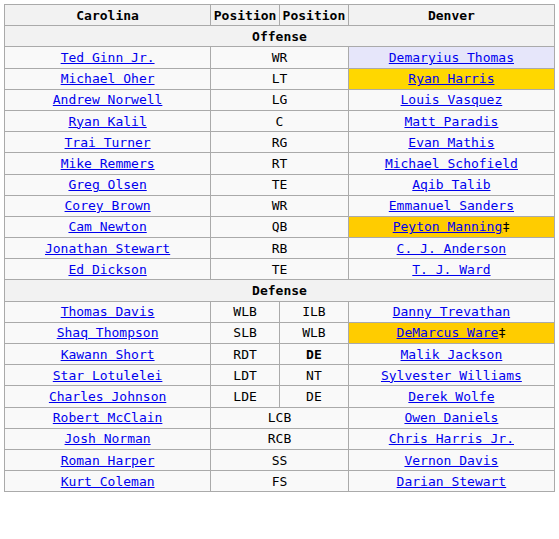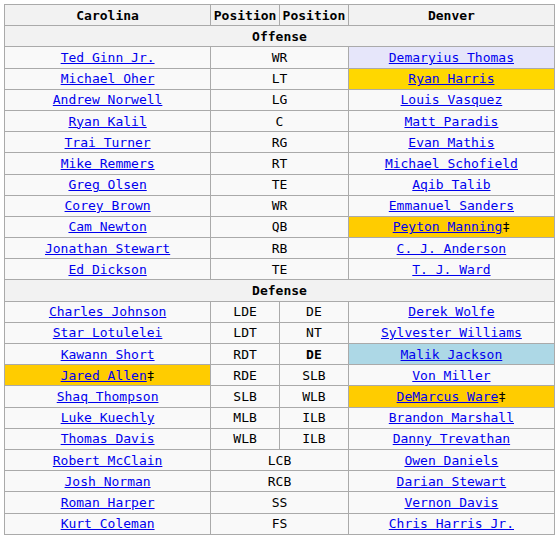 <table class="wikitable" style="text-align:center">
 <tr>
 <th style="width:200px">Carolina</th>
 <th>Position</th>
 <th>Position</th>
 <th style="width:200px">Denver</th>
 </tr>
 <tr>
 <th colspan="4" style="text-align:center;">Offense</th>
 </tr>
 <tr>
 <td><a href='#'>Ted Ginn Jr.</a></td>
 <td colspan="2" style="text-align:center;">WR</td>
 <td style="background: lavender;"><a href='#'>Demaryius Thomas</a></td>
 </tr>
 <tr>
 <td><a href='#'>Michael Oher</a></td>
 <td colspan="2" style="text-align:center;">LT</td>
 <td style="background: gold;"><a href='#'>Ryan Harris</a></td>
 </tr>
 <tr>
 <td><a href='#'>Andrew Norwell</a></td>
 <td colspan="2" style="text-align:center;">LG</td>
 <td><a href='#'>Louis Vasquez</a></td>
 </tr>
 <tr>
 <td><a href='#'>Ryan Kalil</a></td>
 <td colspan="2" style="text-align:center;">C</td>
 <td><a href='#'>Matt Paradis</a></td>
 </tr>
 <tr>
 <td><a href='#'>Trai Turner</a></td>
 <td colspan="2" style="text-align:center;">RG</td>
 <td><a href='#'>Evan Mathis</a></td>
 </tr>
 <tr>
 <td><a href='#'>Mike Remmers</a></td>
 <td colspan="2" style="text-align:center;">RT</td>
 <td><a href='#'>Michael Schofield</a></td>
 </tr>
 <tr>
 <td><a href='#'>Greg Olsen</a></td>
 <td colspan="2" style="text-align:center;">TE</td>
 <td><a href='#'>Aqib Talib</a></td>
 </tr>
 <tr>
 <td><a href='#'>Corey Brown</a></td>
 <td colspan="2" style="text-align:center;">WR</td>
 <td><a href='#'>Emmanuel Sanders</a></td>
 </tr>
 <tr>
 <td><a href='#'>Cam Newton</a></td>
 <td colspan="2" style="text-align:center;">QB</td>
 <td bgcolor="#FFCC00"><a href='#'>Peyton Manning</a>‡</td>
 </tr>
 <tr>
 <td><a href='#'>Jonathan Stewart</a></td>
 <td colspan="2" style="text-align:center;">RB</td>
 <td><a href='#'>C. J. Anderson</a></td>
 </tr>
 <tr>
 <td><a href='#'>Ed Dickson</a></td>
 <td colspan="2" style="text-align:center;">TE</td>
 <td><a href='#'>T. J. Ward</a></td>
 </tr>
 <tr>
 <th colspan="4" style="text-align:center;">Defense</th>
 </tr>
 <tr>
-<td><a href='#'>Thomas Davis</a></td>
-<td style="text-align:center;">WLB</td>
-<td style="text-align:center;">ILB</td>
-<td><a href='#'>Danny Trevathan</a></td>
+<td><a href='#'>Charles Johnson</a></td>
+<td style="text-align:center;">LDE</td>
+<td style="text-align:center;">DE</td>
+<td><a href='#'>Derek Wolfe</a></td>
+</tr>
+<tr>
+<td><a href='#'>Star Lotulelei</a></td>
+<td style="text-align:center;">LDT</td>
+<td style="text-align:center;">NT</td>
+<td><a href='#'>Sylvester Williams</a></td>
+</tr>
+<tr>
+<td><a href='#'>Kawann Short</a></td>
+<td style="text-align:center;">RDT</td>
+<td style="text-align:center;"><strong>DE</strong></td>
+<td style="background: lightblue;"><a href='#'>Malik Jackson</a></td>
+</tr>
+<tr>
+<td bgcolor="#FFCC00"><a href='#'>Jared Allen</a>‡</td>
+<td style="text-align:center;">RDE</td>
+<td style="text-align:center;">SLB</td>
+<td><a href='#'>Von Miller</a></td>
 </tr>
 <tr>
 <td><a href='#'>Shaq Thompson</a></td>
 <td style="text-align:center;">SLB</td>
 <td style="text-align:center;">WLB</td>
 <td bgcolor="#FFCC00"><a href='#'>DeMarcus Ware</a>‡</td>
 </tr>
 <tr>
-<td><a href='#'>Kawann Short</a></td>
-<td style="text-align:center;">RDT</td>
-<td style="text-align:center;"><strong>DE</strong></td>
-<td><a href='#'>Malik Jackson</a></td>
+<td><a href='#'>Luke Kuechly</a></td>
+<td style="text-align:center;">MLB</td>
+<td style="text-align:center;">ILB</td>
+<td><a href='#'>Brandon Marshall</a></td>
 </tr>
 <tr>
-<td><a href='#'>Star Lotulelei</a></td>
-<td style="text-align:center;">LDT</td>
-<td style="text-align:center;">NT</td>
-<td><a href='#'>Sylvester Williams</a></td>
-</tr>
-<tr>
-<td><a href='#'>Charles Johnson</a></td>
-<td style="text-align:center;">LDE</td>
-<td style="text-align:center;">DE</td>
-<td><a href='#'>Derek Wolfe</a></td>
+<td><a href='#'>Thomas Davis</a></td>
+<td style="text-align:center;">WLB</td>
+<td style="text-align:center;">ILB</td>
+<td><a href='#'>Danny Trevathan</a></td>
 </tr>
 <tr>
 <td><a href='#'>Robert McClain</a></td>
 <td colspan="2" style="text-align:center;">LCB</td>
 <td><a href='#'>Owen Daniels</a></td>
 </tr>
 <tr>
 <td><a href='#'>Josh Norman</a></td>
 <td colspan="2" style="text-align:center;">RCB</td>
-<td><a href='#'>Chris Harris Jr.</a></td>
+<td><a href='#'>Darian Stewart</a></td>
 </tr>
 <tr>
 <td><a href='#'>Roman Harper</a></td>
 <td colspan="2" style="text-align:center;">SS</td>
 <td><a href='#'>Vernon Davis</a></td>
 </tr>
 <tr>
 <td><a href='#'>Kurt Coleman</a></td>
 <td colspan="2" style="text-align:center;">FS</td>
-<td><a href='#'>Darian Stewart</a></td>
+<td><a href='#'>Chris Harris Jr.</a></td>
 </tr>
 </table>
